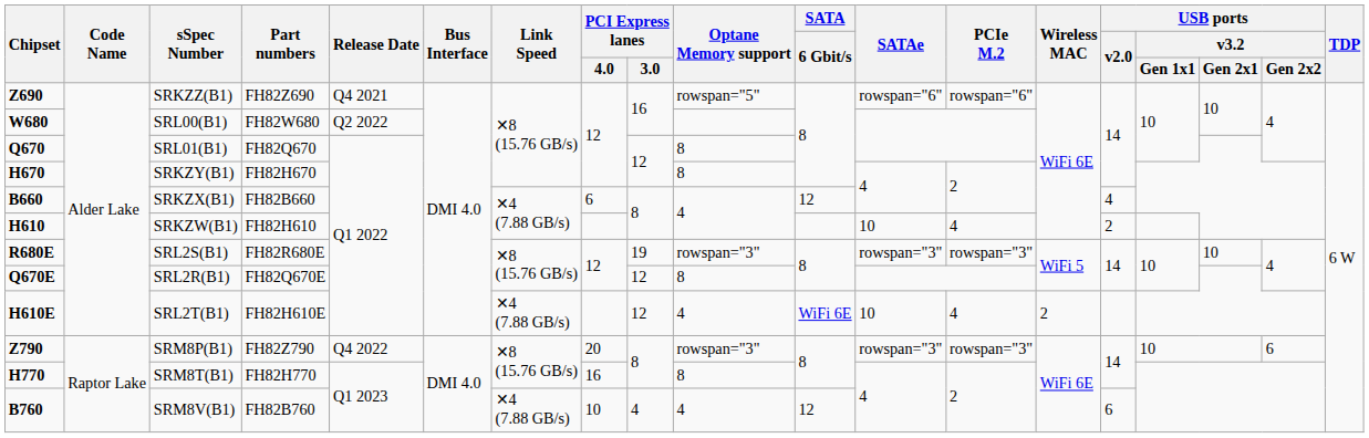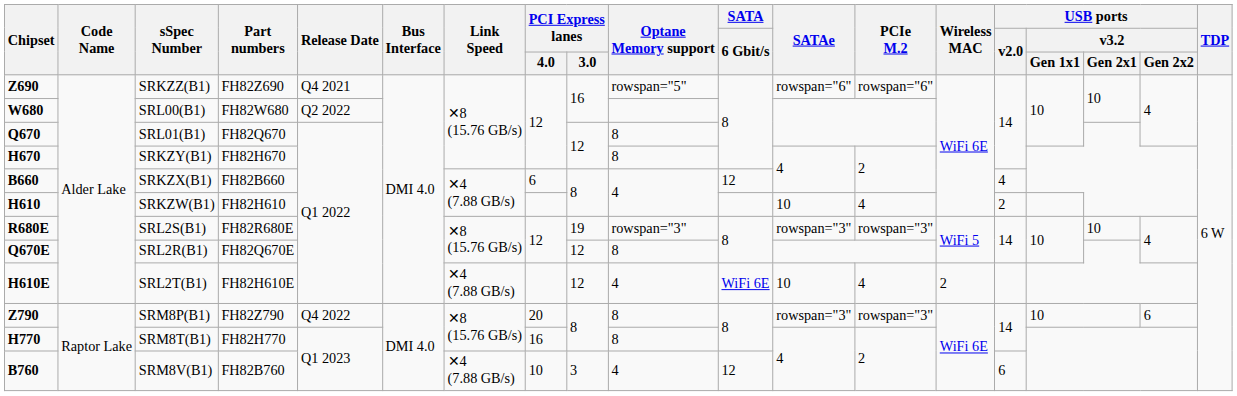 <table class="wikitable" style="font-size: 90%;">
 <tr>
 <th rowspan="3">Chipset</th>
 <th rowspan="3">Code<br>Name</th>
 <th rowspan="3">sSpec<br>Number</th>
 <th rowspan="3">Part<br>numbers</th>
 <th rowspan="3">Release Date</th>
 <th rowspan="3">Bus<br>Interface</th>
 <th rowspan="3">Link<br>Speed</th>
 <th rowspan="2" colspan="2"><a href='#'>PCI Express</a><br>lanes</th>
 <th rowspan="3"><a href='#'>Optane<br>Memory</a> support</th>
 <th><a href='#'>SATA</a></th>
 <th rowspan="3"><a href='#'>SATAe</a></th>
 <th rowspan="3">PCIe<br><a href='#'>M.2</a></th>
 <th rowspan="3">Wireless<br>MAC</th>
 <th colspan="4"><a href='#'>USB</a> ports</th>
 <th rowspan="3"><a href='#'>TDP</a></th>
 </tr>
 <tr>
 <th rowspan="2">6 Gbit/s</th>
 <th rowspan="2">v2.0</th>
 <th colspan="3">v3.2</th>
 </tr>
 <tr>
 <th>4.0</th>
 <th>3.0</th>
 <th>Gen 1x1</th>
 <th>Gen 2x1</th>
 <th>Gen 2x2</th>
 </tr>
 <tr>
 <td><strong>Z690</strong></td>
 <td rowspan="9">Alder Lake</td>
 <td>SRKZZ(B1)</td>
 <td>FH82Z690</td>
 <td>Q4 2021</td>
 <td rowspan="9">DMI 4.0</td>
 <td rowspan="4">✕8<br>(15.76 GB/s)</td>
 <td rowspan="4">12</td>
 <td rowspan="2">16</td>
 <td>rowspan="5" </td>
 <td rowspan="4">8</td>
 <td>rowspan="6"</td>
 <td>rowspan="6" </td>
 <td rowspan="6"><a href='#'>WiFi 6E</a></td>
 <td rowspan="4">14</td>
 <td rowspan="3">10</td>
 <td rowspan="2">10</td>
 <td rowspan="3">4</td>
 <td rowspan="12">6 W</td>
 </tr>
 <tr>
 <td><strong>W680</strong></td>
 <td>SRL00(B1)</td>
 <td>FH82W680</td>
 <td>Q2 2022</td>
 </tr>
 <tr>
 <td><strong>Q670</strong></td>
 <td>SRL01(B1)</td>
 <td>FH82Q670</td>
 <td rowspan="7">Q1 2022</td>
 <td rowspan="2">12</td>
 <td>8</td>
 </tr>
 <tr>
 <td><strong>H670</strong></td>
 <td>SRKZY(B1)</td>
 <td>FH82H670</td>
 <td>8 </td>
 <td rowspan="2">4 </td>
 <td rowspan="2">2 </td>
 </tr>
 <tr>
 <td><strong>B660</strong></td>
 <td>SRKZX(B1)</td>
 <td>FH82B660</td>
 <td rowspan="2">✕4<br>(7.88 GB/s)</td>
 <td>6</td>
 <td rowspan="2">8</td>
 <td rowspan="2">4</td>
 <td>12</td>
 <td>4</td>
 </tr>
 <tr>
 <td><strong>H610</strong></td>
 <td>SRKZW(B1)</td>
 <td>FH82H610</td>
 <td></td>
 <td></td>
 <td>10</td>
 <td>4</td>
 <td>2</td>
 <td></td>
 </tr>
 <tr>
 <td><strong>R680E</strong></td>
 <td>SRL2S(B1)</td>
 <td>FH82R680E</td>
 <td rowspan="2">✕8<br>(15.76 GB/s)</td>
 <td rowspan="2">12</td>
 <td>19</td>
 <td>rowspan="3" </td>
 <td rowspan="2">8</td>
 <td>rowspan="3" </td>
 <td>rowspan="3" </td>
 <td rowspan="2"><a href='#'>WiFi 5</a></td>
 <td rowspan="2">14</td>
 <td rowspan="2">10</td>
 <td>10</td>
 <td rowspan="2">4</td>
 </tr>
 <tr>
 <td><strong>Q670E</strong></td>
 <td>SRL2R(B1)</td>
 <td>FH82Q670E</td>
 <td>12</td>
 <td>8</td>
 </tr>
 <tr>
 <td><strong>H610E</strong></td>
 <td>SRL2T(B1)</td>
 <td>FH82H610E</td>
 <td>✕4<br>(7.88 GB/s)</td>
 <td></td>
 <td>12</td>
 <td>4</td>
 <td><a href='#'>WiFi 6E</a></td>
 <td>10</td>
 <td>4</td>
 <td>2</td>
 <td></td>
 </tr>
 <tr>
 <td><strong>Z790</strong></td>
 <td rowspan="3">Raptor Lake</td>
 <td>SRM8P(B1)</td>
 <td>FH82Z790</td>
 <td>Q4 2022</td>
 <td rowspan="3">DMI 4.0</td>
 <td rowspan="2">✕8<br>(15.76 GB/s)</td>
 <td>20</td>
 <td rowspan="2">8</td>
-<td>rowspan="3" </td>
+<td>8</td>
 <td rowspan="2">8</td>
 <td>rowspan="3" </td>
 <td>rowspan="3" </td>
 <td rowspan="3"><a href='#'>WiFi 6E</a></td>
 <td rowspan="2">14</td>
 <td colspan="2">10</td>
 <td>6</td>
 </tr>
 <tr>
 <td><strong>H770</strong></td>
 <td>SRM8T(B1)</td>
 <td>FH82H770</td>
 <td rowspan="2">Q1 2023</td>
 <td>16</td>
 <td>8</td>
 <td rowspan="2">4</td>
 <td rowspan="2">2</td>
 </tr>
 <tr>
 <td><strong>B760</strong></td>
 <td>SRM8V(B1)</td>
 <td>FH82B760</td>
 <td>✕4<br>(7.88 GB/s)</td>
 <td>10</td>
-<td>4</td>
+<td>3</td>
 <td>4</td>
 <td>12</td>
 <td>6</td>
 </tr>
 </table>
